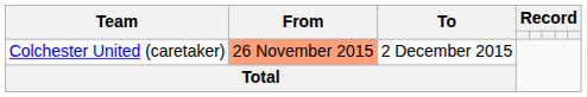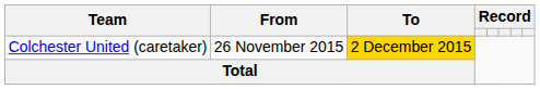 <table class=wikitable style="text-align: center">
 <tr>
 <th rowspan=2>Team</th>
 <th rowspan=2>From</th>
 <th rowspan=2>To</th>
 <th colspan=5>Record</th>
 </tr>
 <tr>
 <th></th>
 <th></th>
 <th></th>
 <th></th>
 <th></th>
 </tr>
 <tr>
 <td align=left><a href='#'>Colchester United</a> (caretaker)</td>
-<td align=left style="background: lightsalmon;">26 November 2015</td>
-<td align=left>2 December 2015<br></td>
+<td align=left>26 November 2015</td>
+<td align=left style="background: gold;">2 December 2015<br></td>
 </tr>
 <tr>
 <th colspan=3>Total<br></th>
 </tr>
 </table>
